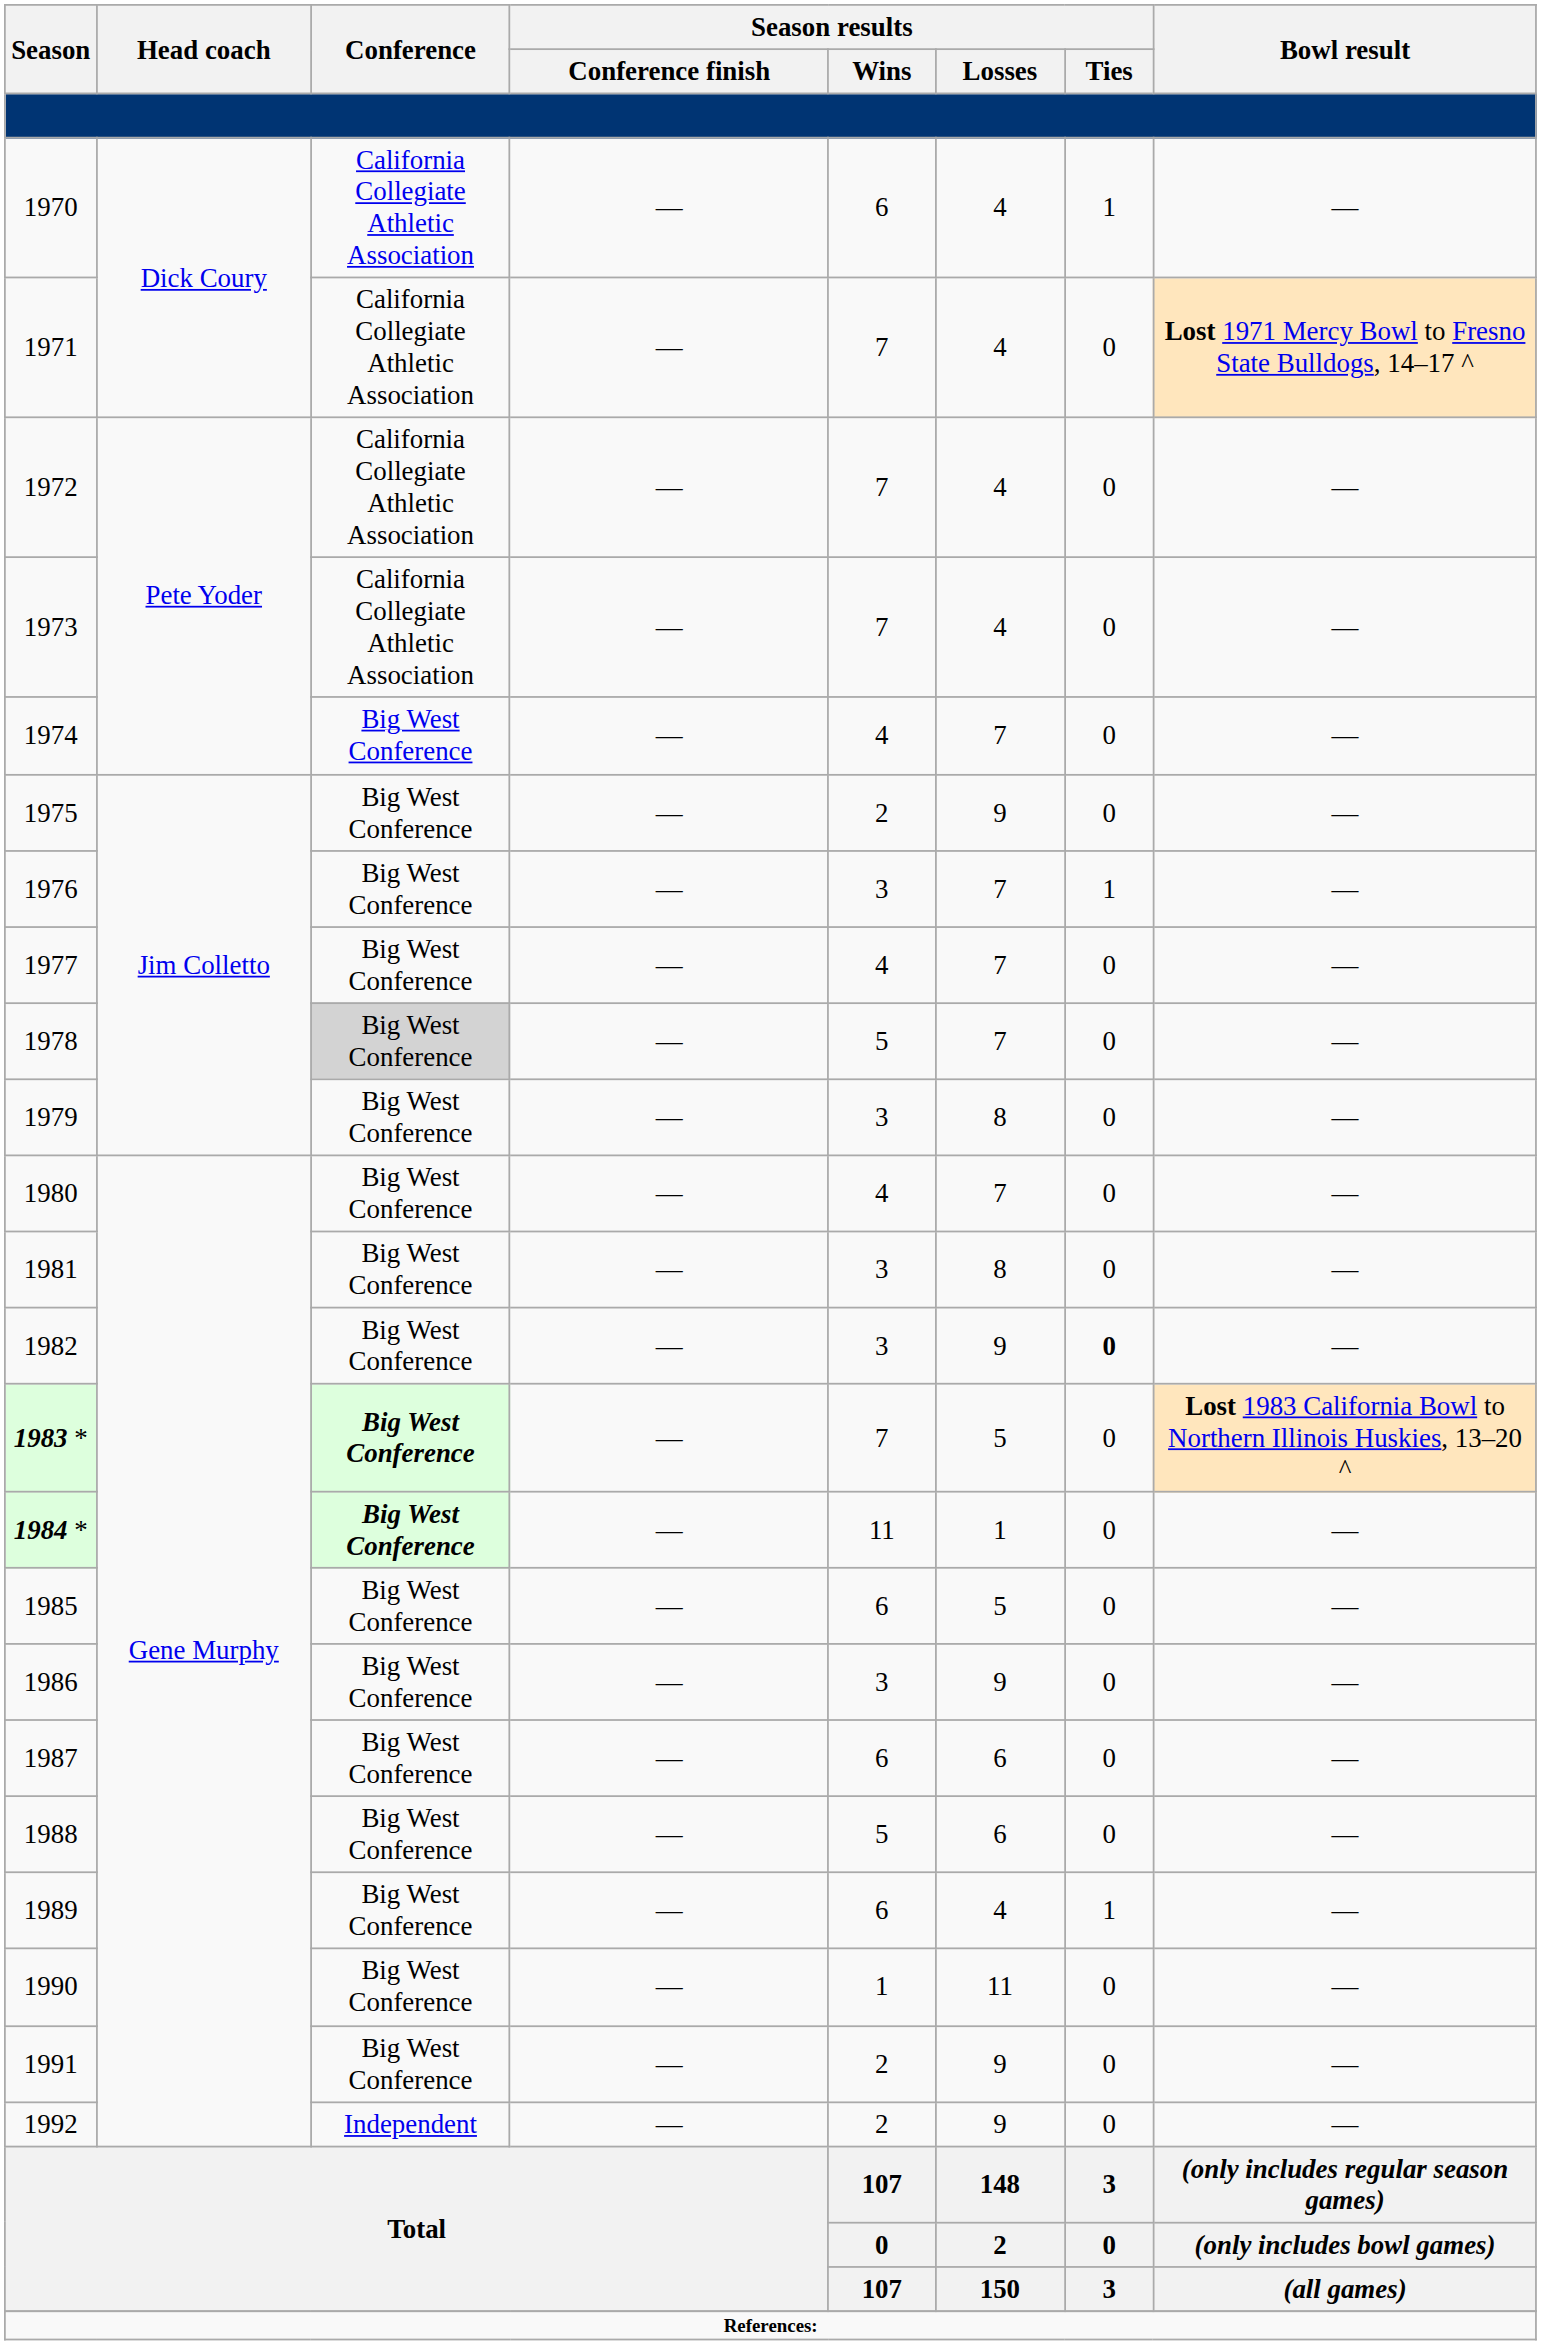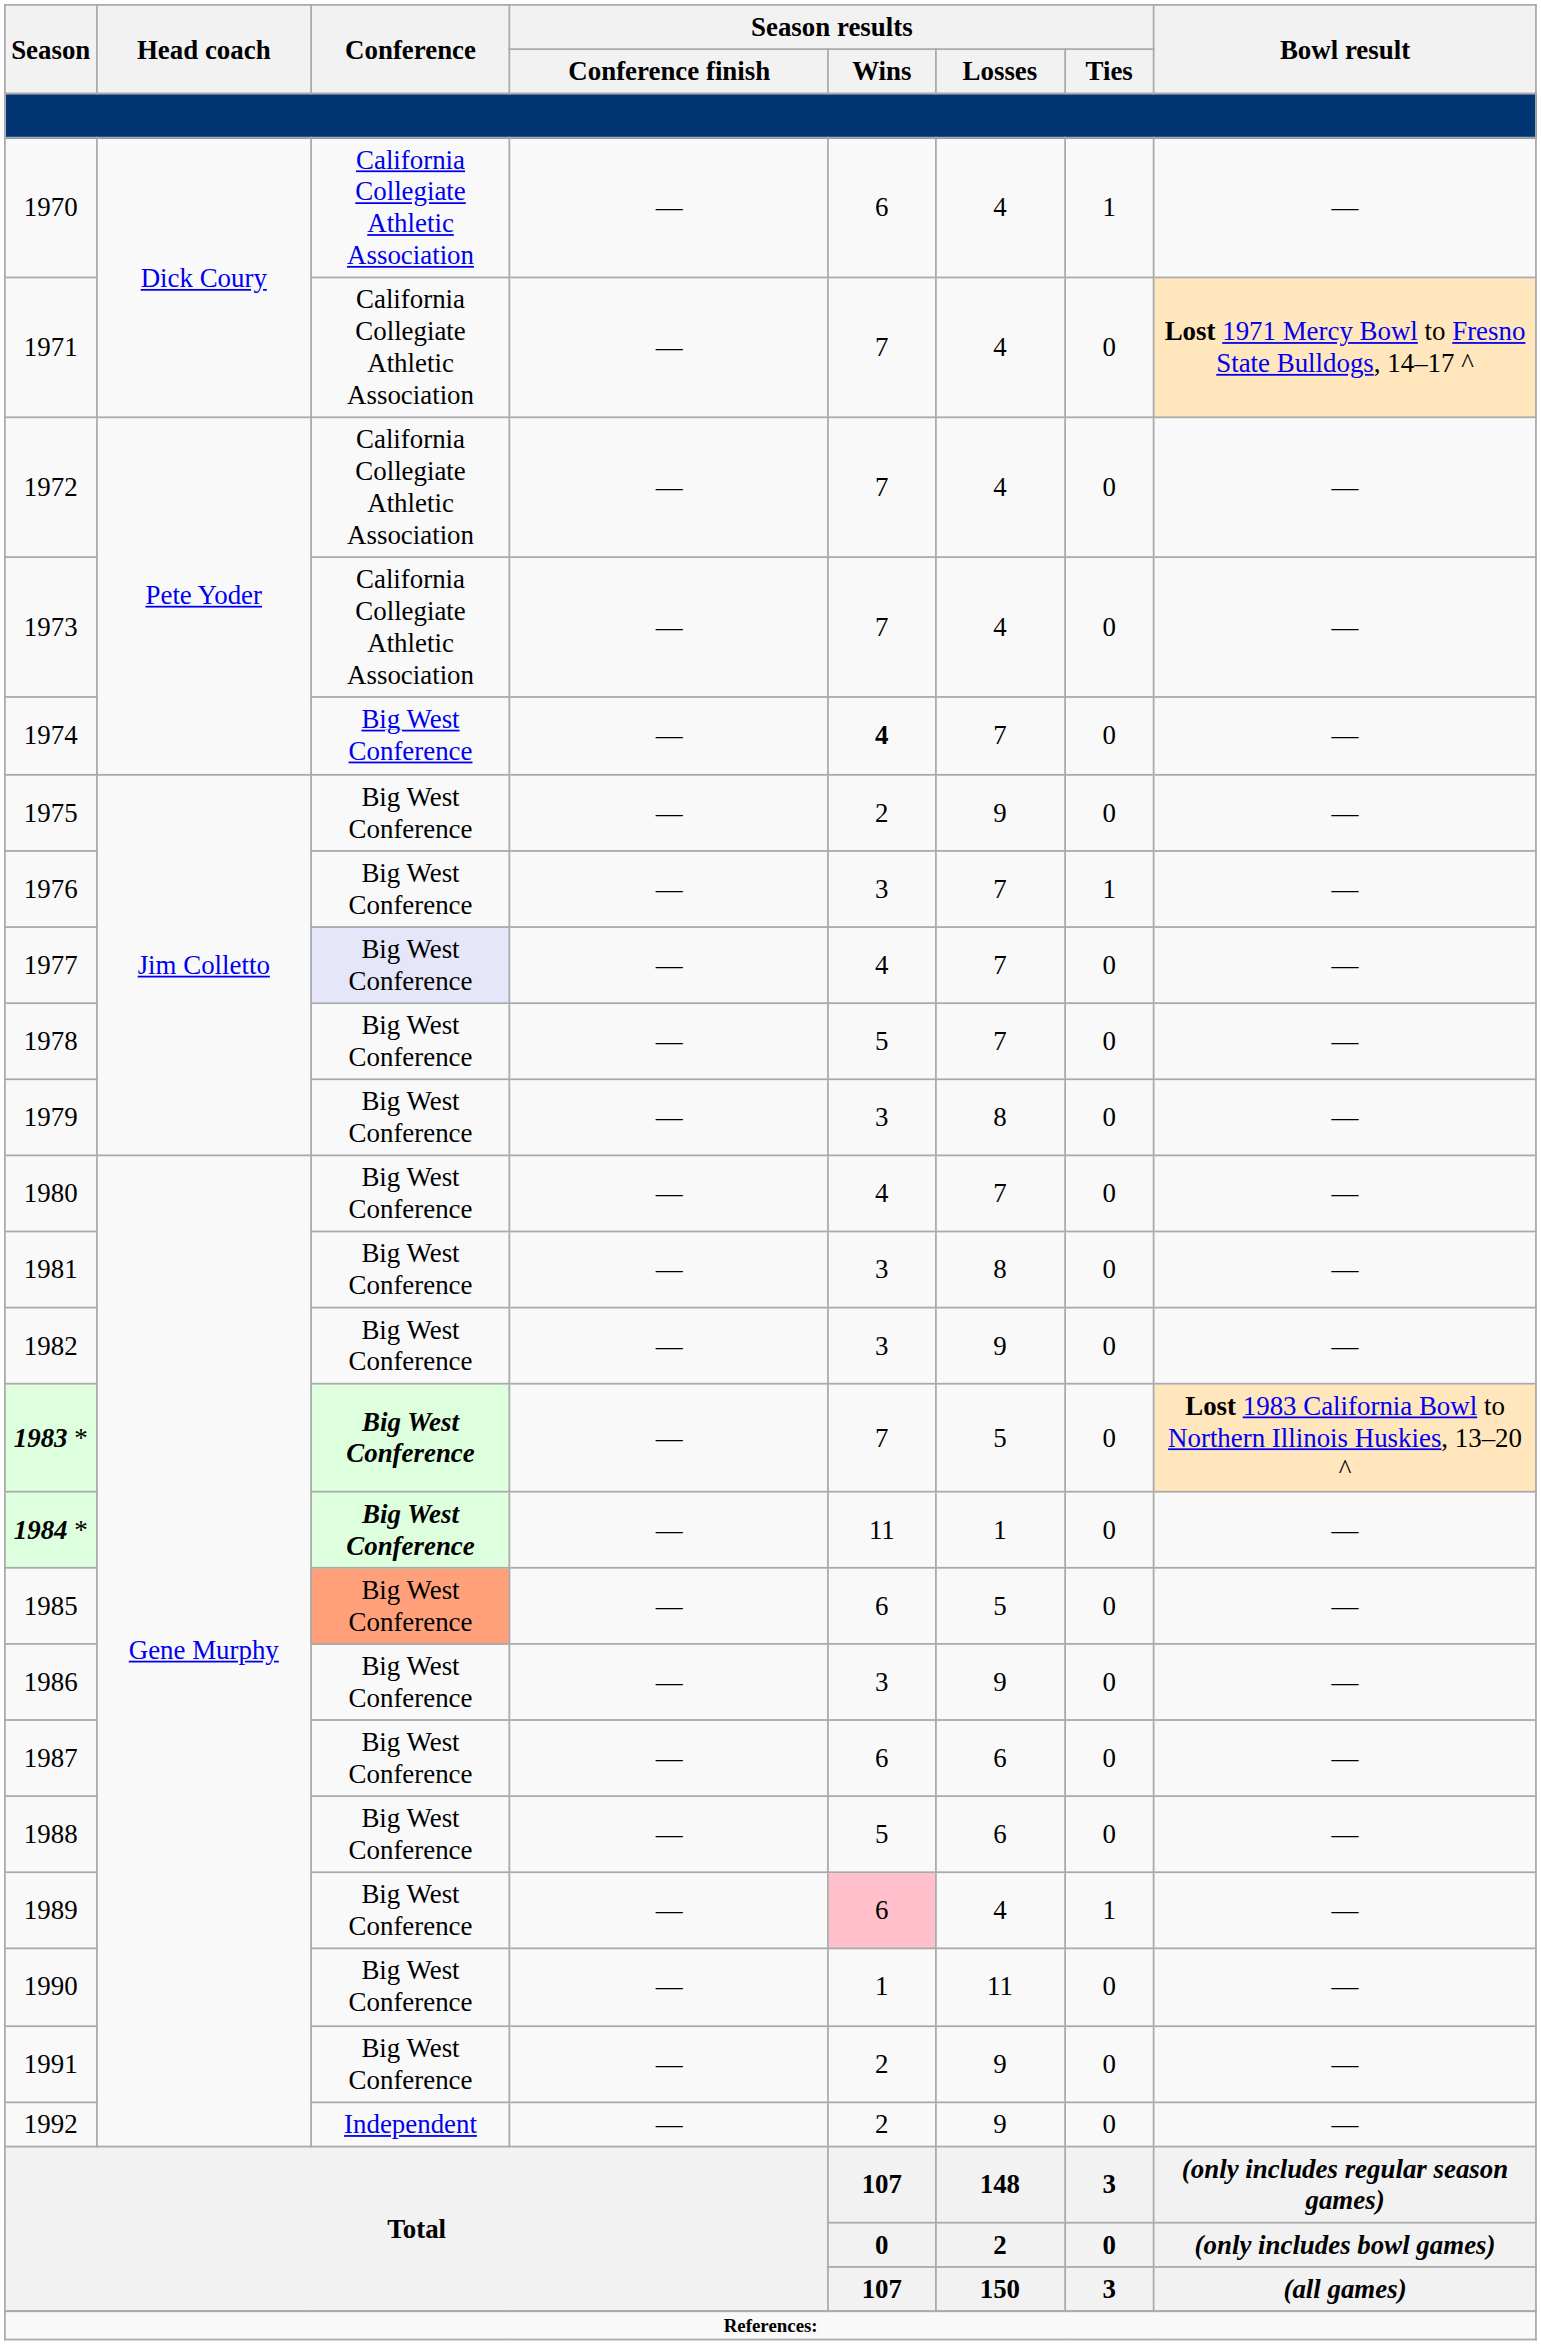 <table class="wikitable" style="font-size: 95%; width:98%;">
 <tr>
 <th rowspan="2" style="width:5%;">Season</th>
 <th rowspan="2" style="width:14%;">Head coach</th>
 <th rowspan="2" style="width:13%;">Conference</th>
 <th colspan="4">Season results</th>
 <th rowspan="2" style="width:25%;">Bowl result</th>
 </tr>
 <tr>
 <th>Conference finish</th>
 <th>Wins</th>
 <th>Losses</th>
 <th>Ties</th>
 </tr>
 <tr>
 <td align="center" Colspan="8" style="background:#003473;color:#003473"><span><strong>Cal State Fullerton Titans</strong></span></td>
 </tr>
 <tr>
 <td align="center">1970</td>
 <td align="center" rowspan=2><a href='#'>Dick Coury</a></td>
 <td align="center"><a href='#'>California Collegiate Athletic Association</a></td>
 <td align="center">—</td>
 <td align="center">6</td>
 <td align="center">4</td>
 <td align="center">1</td>
 <td align="center">—</td>
 </tr>
 <tr>
 <td align="center">1971</td>
 <td align="center">California Collegiate Athletic Association</td>
 <td align="center">—</td>
 <td align="center">7</td>
 <td align="center">4</td>
 <td align="center">0</td>
 <td align="center" style="background: #ffe6bd;"><strong>Lost</strong> <a href='#'>1971 Mercy Bowl</a> to <a href='#'>Fresno State Bulldogs</a>, 14–17 ^</td>
 </tr>
 <tr>
 <td align="center">1972</td>
 <td align="center" rowspan=3><a href='#'>Pete Yoder</a></td>
 <td align="center">California Collegiate Athletic Association</td>
 <td align="center">—</td>
 <td align="center">7</td>
 <td align="center">4</td>
 <td align="center">0</td>
 <td align="center">—</td>
 </tr>
 <tr>
 <td align="center">1973</td>
 <td align="center">California Collegiate Athletic Association</td>
 <td align="center">—</td>
 <td align="center">7</td>
 <td align="center">4</td>
 <td align="center">0</td>
 <td align="center">—</td>
 </tr>
 <tr>
 <td align="center">1974</td>
 <td align="center"><a href='#'>Big West Conference</a></td>
 <td align="center">—</td>
-<td align="center">4</td>
+<td align="center"><strong>4</strong></td>
 <td align="center">7</td>
 <td align="center">0</td>
 <td align="center">—</td>
 </tr>
 <tr>
 <td align="center">1975</td>
 <td align="center" rowspan=5><a href='#'>Jim Colletto</a></td>
 <td align="center">Big West Conference</td>
 <td align="center">—</td>
 <td align="center">2</td>
 <td align="center">9</td>
 <td align="center">0</td>
 <td align="center">—</td>
 </tr>
 <tr>
 <td align="center">1976</td>
 <td align="center">Big West Conference</td>
 <td align="center">—</td>
 <td align="center">3</td>
 <td align="center">7</td>
 <td align="center">1</td>
 <td align="center">—</td>
 </tr>
 <tr>
 <td align="center">1977</td>
-<td align="center">Big West Conference</td>
+<td align="center" style="background: lavender;">Big West Conference</td>
 <td align="center">—</td>
 <td align="center">4</td>
 <td align="center">7</td>
 <td align="center">0</td>
 <td align="center">—</td>
 </tr>
 <tr>
 <td align="center">1978</td>
-<td align="center" style="background: lightgrey;">Big West Conference</td>
+<td align="center">Big West Conference</td>
 <td align="center">—</td>
 <td align="center">5</td>
 <td align="center">7</td>
 <td align="center">0</td>
 <td align="center">—</td>
 </tr>
 <tr>
 <td align="center">1979</td>
 <td align="center">Big West Conference</td>
 <td align="center">—</td>
 <td align="center">3</td>
 <td align="center">8</td>
 <td align="center">0</td>
 <td align="center">—</td>
 </tr>
 <tr>
 <td align="center">1980</td>
 <td align="center" rowspan=13><a href='#'>Gene Murphy</a></td>
 <td align="center">Big West Conference</td>
 <td align="center">—</td>
 <td align="center">4</td>
 <td align="center">7</td>
 <td align="center">0</td>
 <td align="center">—</td>
 </tr>
 <tr>
 <td align="center">1981</td>
 <td align="center">Big West Conference</td>
 <td align="center">—</td>
 <td align="center">3</td>
 <td align="center">8</td>
 <td align="center">0</td>
 <td align="center">—</td>
 </tr>
 <tr>
 <td align="center">1982</td>
 <td align="center">Big West Conference</td>
 <td align="center">—</td>
 <td align="center">3</td>
 <td align="center">9</td>
-<td align="center"><strong>0</strong></td>
+<td align="center">0</td>
 <td align="center">—</td>
 </tr>
 <tr>
 <td align="center" style="background: #ddffdd;"><strong><em>1983</em></strong> *</td>
 <td align="center" style="background: #ddffdd;"><strong><em>Big West Conference</em></strong></td>
 <td align="center">—</td>
 <td align="center">7</td>
 <td align="center">5</td>
 <td align="center">0</td>
 <td align="center" style="background: #ffe6bd;"><strong>Lost</strong> <a href='#'>1983 California Bowl</a> to <a href='#'>Northern Illinois Huskies</a>, 13–20 ^</td>
 </tr>
 <tr>
 <td align="center" style="background: #ddffdd;"><strong><em>1984</em></strong> *</td>
 <td align="center" style="background: #ddffdd;"><strong><em>Big West Conference</em></strong></td>
 <td align="center">—</td>
 <td align="center">11</td>
 <td align="center">1</td>
 <td align="center">0</td>
 <td align="center">—</td>
 </tr>
 <tr>
 <td align="center">1985</td>
-<td align="center">Big West Conference</td>
+<td align="center" style="background: lightsalmon;">Big West Conference</td>
 <td align="center">—</td>
 <td align="center">6</td>
 <td align="center">5</td>
 <td align="center">0</td>
 <td align="center">—</td>
 </tr>
 <tr>
 <td align="center">1986</td>
 <td align="center">Big West Conference</td>
 <td align="center">—</td>
 <td align="center">3</td>
 <td align="center">9</td>
 <td align="center">0</td>
 <td align="center">—</td>
 </tr>
 <tr>
 <td align="center">1987</td>
 <td align="center">Big West Conference</td>
 <td align="center">—</td>
 <td align="center">6</td>
 <td align="center">6</td>
 <td align="center">0</td>
 <td align="center">—</td>
 </tr>
 <tr>
 <td align="center">1988</td>
 <td align="center">Big West Conference</td>
 <td align="center">—</td>
 <td align="center">5</td>
 <td align="center">6</td>
 <td align="center">0</td>
 <td align="center">—</td>
 </tr>
 <tr>
 <td align="center">1989</td>
 <td align="center">Big West Conference</td>
 <td align="center">—</td>
-<td align="center">6</td>
+<td align="center" style="background: pink;">6</td>
 <td align="center">4</td>
 <td align="center">1</td>
 <td align="center">—</td>
 </tr>
 <tr>
 <td align="center">1990</td>
 <td align="center">Big West Conference</td>
 <td align="center">—</td>
 <td align="center">1</td>
 <td align="center">11</td>
 <td align="center">0</td>
 <td align="center">—</td>
 </tr>
 <tr>
 <td align="center">1991</td>
 <td align="center">Big West Conference</td>
 <td align="center">—</td>
 <td align="center">2</td>
 <td align="center">9</td>
 <td align="center">0</td>
 <td align="center">—</td>
 </tr>
 <tr>
 <td align="center">1992</td>
 <td align="center"><a href='#'>Independent</a></td>
 <td align="center">—</td>
 <td align="center">2</td>
 <td align="center">9</td>
 <td align="center">0</td>
 <td align="center">—</td>
 </tr>
 <tr>
 <th align="center" rowSpan="3" colSpan="4">Total</th>
 <th align="center">107</th>
 <th align="center">148</th>
 <th align="center">3</th>
 <th colSpan="2" align="center"><em>(only includes regular season games)</em></th>
 </tr>
 <tr>
 <th align="center">0</th>
 <th align="center">2</th>
 <th align="center">0</th>
 <th colSpan="2" align="center"><em>(only includes bowl games)</em></th>
 </tr>
 <tr>
 <th align="center">107</th>
 <th align="center">150</th>
 <th align="center">3</th>
 <th colSpan="2" align="center"><em>(all games)</em></th>
 </tr>
 <tr>
 </tr>
 <tr>
 <td colspan="8" style="font-size: 8pt" align="center"><strong>References:</strong></td>
 </tr>
 </table>
